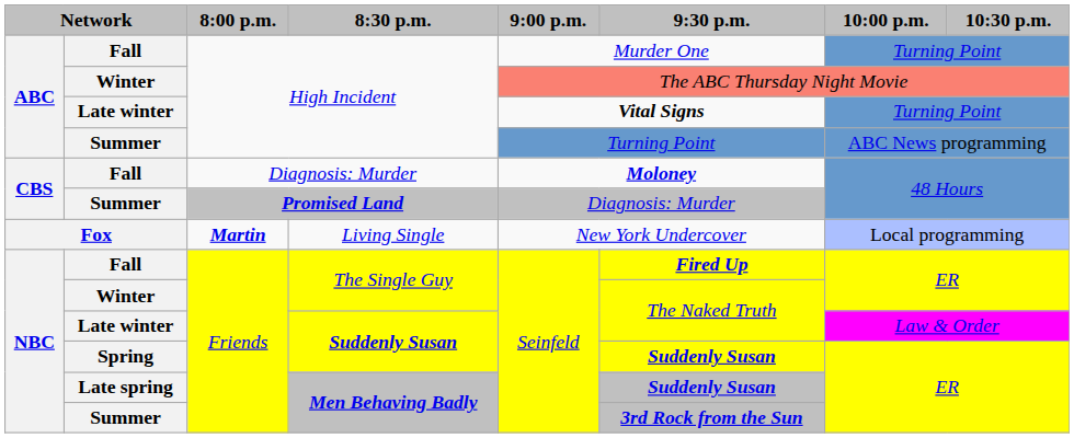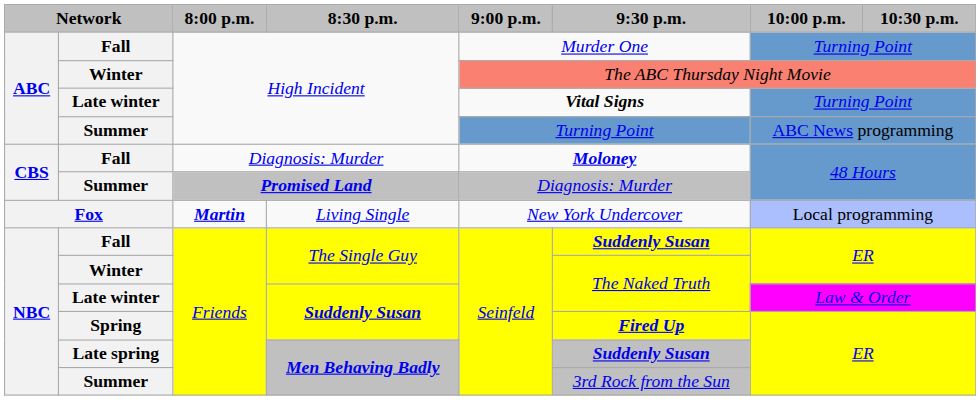 <table class="wikitable" style="width:100%;margin-right:0;text-align:center">
 <tr>
 <th colspan="2" style="background-color:#C0C0C0">Network</th>
 <th style="background-color:#C0C0C0;text-align:center">8:00 p.m.</th>
 <th style="background-color:#C0C0C0;text-align:center">8:30 p.m.</th>
 <th style="background-color:#C0C0C0;text-align:center">9:00 p.m.</th>
 <th style="background-color:#C0C0C0;text-align:center">9:30 p.m.</th>
 <th style="background-color:#C0C0C0;text-align:center">10:00 p.m.</th>
 <th style="background-color:#C0C0C0;text-align:center">10:30 p.m.</th>
 </tr>
 <tr>
 <th rowspan="4"><a href='#'>ABC</a></th>
 <th>Fall</th>
 <td rowspan="4" colspan="2"><em><a href='#'>High Incident</a></em></td>
 <td colspan="2"><em><a href='#'>Murder One</a></em></td>
 <td colspan="2" style="background:#6699CC;"><em><a href='#'>Turning Point</a></em></td>
 </tr>
 <tr>
 <th>Winter</th>
 <td colspan="4" style="background:#FA8072;"><em>The ABC Thursday Night Movie</em></td>
 </tr>
 <tr>
 <th>Late winter</th>
 <td colspan="2"><strong><em>Vital Signs</em></strong></td>
 <td colspan="2" style="background:#6699CC;"><em><a href='#'>Turning Point</a></em></td>
 </tr>
 <tr>
 <th>Summer</th>
 <td colspan="2" style="background:#6699CC;"><em><a href='#'>Turning Point</a></em></td>
 <td colspan="2" style="background:#6699CC;"><a href='#'>ABC News</a> programming</td>
 </tr>
 <tr>
 <th rowspan="2"><a href='#'>CBS</a></th>
 <th>Fall</th>
 <td colspan="2"><em><a href='#'>Diagnosis: Murder</a></em></td>
 <td colspan="2"><strong><em><a href='#'>Moloney</a></em></strong></td>
 <td colspan="2" rowspan="2" style="background:#6699CC;"><em><a href='#'>48 Hours</a></em></td>
 </tr>
 <tr>
 <th>Summer</th>
 <td colspan="2" style="background:#C0C0C0;"><strong><em><a href='#'>Promised Land</a></em></strong> </td>
 <td colspan="2" style="background:#C0C0C0;"><em><a href='#'>Diagnosis: Murder</a></em> </td>
 </tr>
 <tr>
 <th colspan="2"><a href='#'>Fox</a></th>
 <td><strong><em><a href='#'>Martin</a></em></strong></td>
 <td><em><a href='#'>Living Single</a></em></td>
 <td colspan="2"><em><a href='#'>New York Undercover</a></em></td>
 <td colspan="2" style="background:#abbfff;">Local programming</td>
 </tr>
 <tr>
 <th rowspan="6"><a href='#'>NBC</a></th>
 <th>Fall</th>
 <td rowspan="6" style="background:yellow;"><em><a href='#'>Friends</a></em> </td>
 <td rowspan="2" style="background:yellow;"><em><a href='#'>The Single Guy</a></em> </td>
 <td rowspan="6" style="background:yellow;"><em><a href='#'>Seinfeld</a></em> </td>
-<td style="background:yellow;"><strong><em><a href='#'>Fired Up</a></em></strong> </td>
+<td style="background:yellow;"><strong><em><a href='#'>Suddenly Susan</a></em></strong> </td>
 <td colspan="2" rowspan="2" style="background:yellow;"><em><a href='#'>ER</a></em> </td>
 </tr>
 <tr>
 <th>Winter</th>
 <td rowspan="2" style="background:yellow;"><em><a href='#'>The Naked Truth</a></em> </td>
 </tr>
 <tr>
 <th>Late winter</th>
 <td rowspan="2" style="background:yellow;"><strong><em><a href='#'>Suddenly Susan</a></em></strong> </td>
 <td colspan="2" style="background:magenta;"><em><a href='#'>Law & Order</a></em> </td>
 </tr>
 <tr>
 <th>Spring</th>
-<td style="background:yellow;"><strong><em><a href='#'>Suddenly Susan</a></em></strong> </td>
+<td style="background:yellow;"><strong><em><a href='#'>Fired Up</a></em></strong> </td>
 <td colspan="2"  rowspan="3" style="background:yellow;"><em><a href='#'>ER</a></em> </td>
 </tr>
 <tr>
 <th>Late spring</th>
 <td rowspan="2" style="background:#C0C0C0;"><strong><em><a href='#'>Men Behaving Badly</a></em></strong> </td>
 <td style="background:#C0C0C0;"><strong><em><a href='#'>Suddenly Susan</a></em></strong> </td>
 </tr>
 <tr>
 <th>Summer</th>
-<td style="background:#C0C0C0;"><strong><em><a href='#'>3rd Rock from the Sun</a></em> </strong></td>
+<td style="background:#C0C0C0;"><em><a href='#'>3rd Rock from the Sun</a></em> </td>
 </tr>
 </table>
